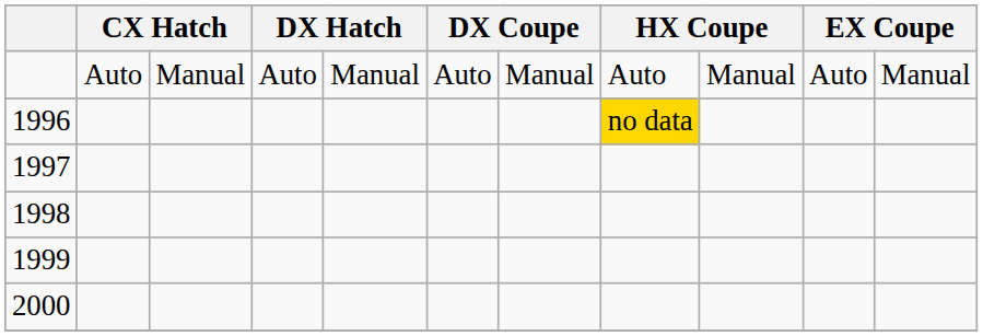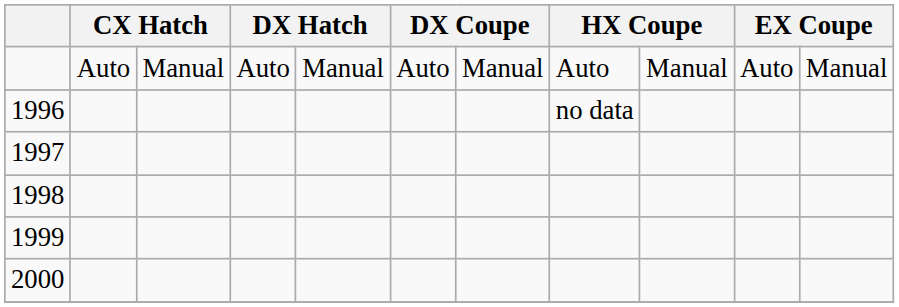 <table class="wikitable" border="1">
 <tr>
 <th></th>
 <th colspan=2>CX Hatch</th>
 <th colspan=2>DX Hatch</th>
 <th colspan=2>DX Coupe</th>
 <th colspan=2>HX Coupe</th>
 <th colspan=2>EX Coupe</th>
 </tr>
 <tr>
 <td></td>
 <td>Auto</td>
 <td>Manual</td>
 <td>Auto</td>
 <td>Manual</td>
 <td>Auto</td>
 <td>Manual</td>
 <td>Auto</td>
 <td>Manual</td>
 <td>Auto</td>
 <td>Manual</td>
 </tr>
 <tr>
 <td>1996</td>
 <td></td>
 <td></td>
 <td></td>
 <td></td>
 <td></td>
 <td></td>
-<td style="background: gold;">no data</td>
+<td>no data</td>
 <td></td>
 <td></td>
 <td></td>
 </tr>
 <tr>
 <td>1997</td>
 <td></td>
 <td></td>
 <td></td>
 <td></td>
 <td></td>
 <td></td>
 <td></td>
 <td></td>
 <td></td>
 <td></td>
 </tr>
 <tr>
 <td>1998</td>
 <td></td>
 <td></td>
 <td></td>
 <td></td>
 <td></td>
 <td></td>
 <td></td>
 <td></td>
 <td></td>
 <td></td>
 </tr>
 <tr>
 <td>1999</td>
 <td></td>
 <td></td>
 <td></td>
 <td></td>
 <td></td>
 <td></td>
 <td></td>
 <td></td>
 <td></td>
 <td></td>
 </tr>
 <tr>
 <td>2000</td>
 <td></td>
 <td></td>
 <td></td>
 <td></td>
 <td></td>
 <td></td>
 <td></td>
 <td></td>
 <td></td>
 <td></td>
 </tr>
 <tr>
 </tr>
 </table>
